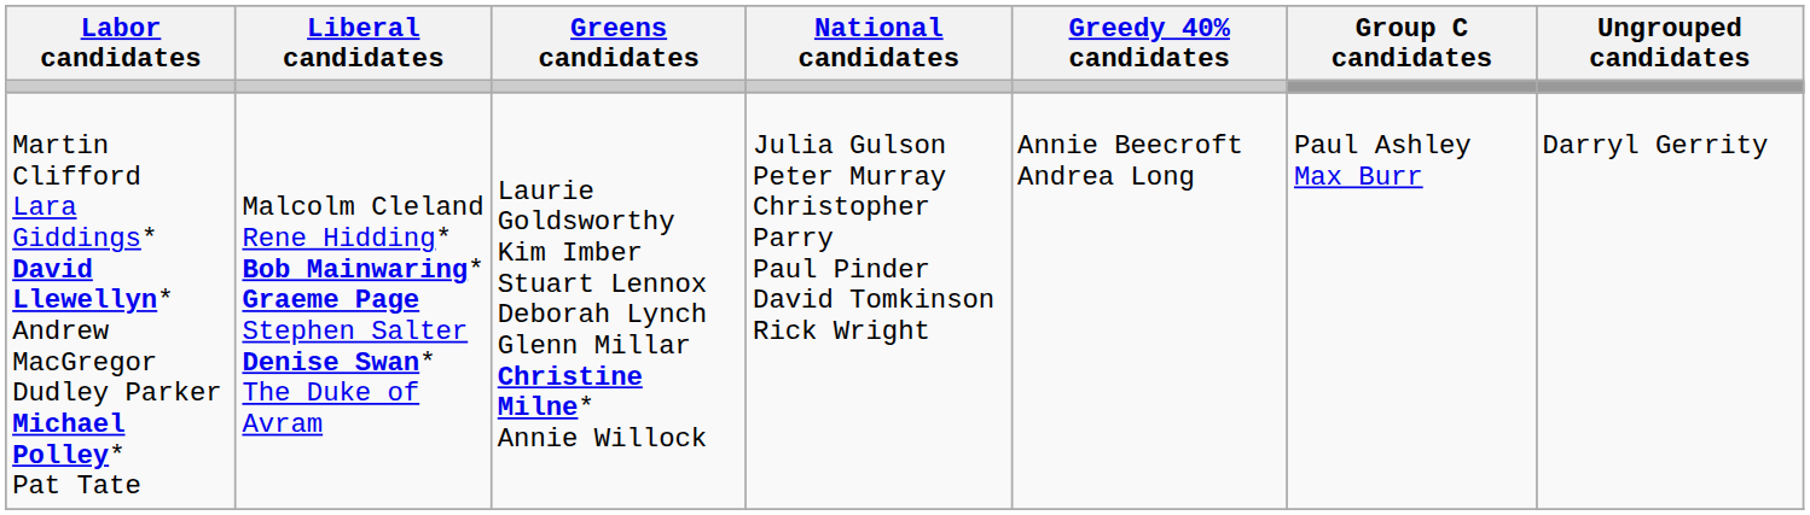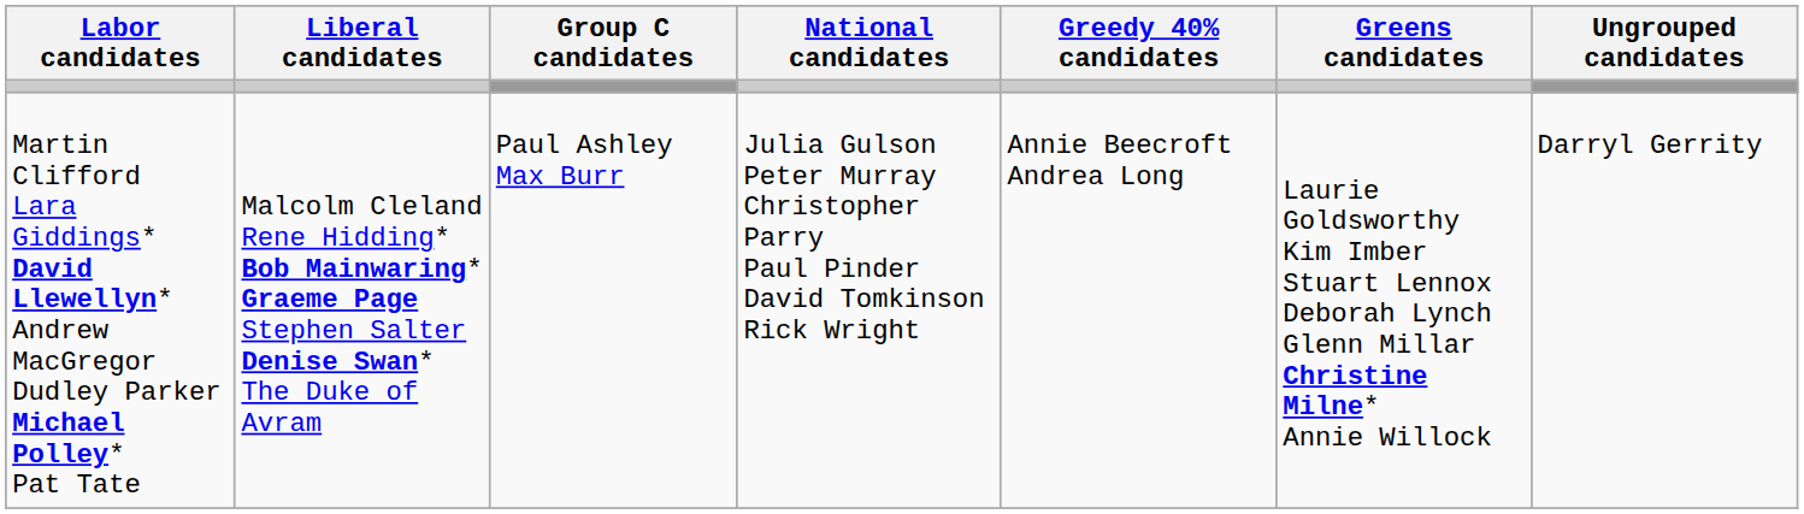 <table class="wikitable">
 <tr>
 <th><a href='#'>Labor</a> candidates</th>
 <th><a href='#'>Liberal</a> candidates</th>
-<th><a href='#'>Greens</a> candidates</th>
+<th>Group C candidates</th>
 <th><a href='#'>National</a> candidates</th>
 <th><a href='#'>Greedy 40%</a> candidates</th>
-<th>Group C candidates</th>
+<th><a href='#'>Greens</a> candidates</th>
 <th>Ungrouped candidates</th>
 </tr>
 <tr bgcolor="#cccccc">
 <td></td>
 <td></td>
+<td bgcolor="#999999"></td>
 <td></td>
 <td></td>
 <td></td>
-<td bgcolor="#999999"></td>
 <td bgcolor="#999999"></td>
 </tr>
 <tr>
 <td><br>Martin Clifford<br> <a href='#'>Lara Giddings</a>*<br> <strong><a href='#'>David Llewellyn</a></strong>*<br> Andrew MacGregor<br> Dudley Parker<br> <strong><a href='#'>Michael Polley</a></strong>*<br> Pat Tate</td>
 <td><br>Malcolm Cleland<br> <a href='#'>Rene Hidding</a>*<br> <strong><a href='#'>Bob Mainwaring</a></strong>*<br> <strong><a href='#'>Graeme Page</a></strong><br> <a href='#'>Stephen Salter</a><br> <strong><a href='#'>Denise Swan</a></strong>*<br> <a href='#'>The Duke of Avram</a></td>
-<td><br>Laurie Goldsworthy<br> Kim Imber<br> Stuart Lennox<br> Deborah Lynch<br> Glenn Millar<br> <strong><a href='#'>Christine Milne</a></strong>*<br> Annie Willock</td>
+<td valign=top><br>Paul Ashley<br> <a href='#'>Max Burr</a></td>
 <td valign=top><br>Julia Gulson<br> Peter Murray<br> Christopher Parry<br> Paul Pinder<br> David Tomkinson<br> Rick Wright</td>
 <td valign=top><br>Annie Beecroft<br> Andrea Long</td>
-<td valign=top><br>Paul Ashley<br> <a href='#'>Max Burr</a></td>
+<td><br>Laurie Goldsworthy<br> Kim Imber<br> Stuart Lennox<br> Deborah Lynch<br> Glenn Millar<br> <strong><a href='#'>Christine Milne</a></strong>*<br> Annie Willock</td>
 <td valign=top><br>Darryl Gerrity</td>
 </tr>
 </table>
